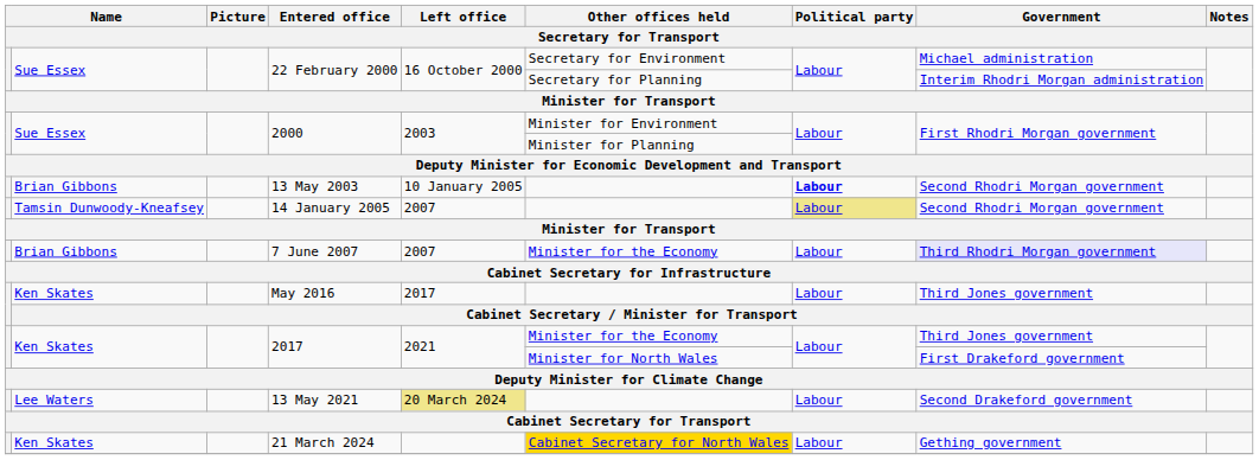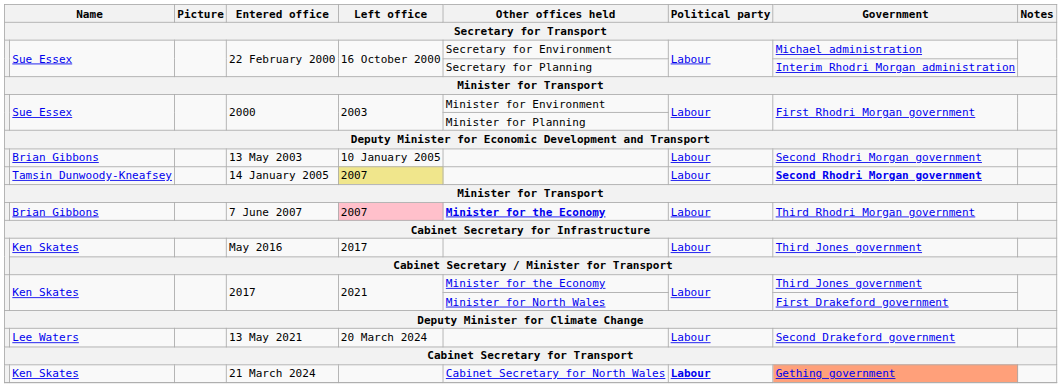 <table class="wikitable">
 <tr>
 <th colspan="2">Name</th>
 <th>Picture</th>
 <th>Entered office</th>
 <th>Left office</th>
 <th>Other offices held</th>
 <th>Political party</th>
 <th>Government</th>
 <th>Notes</th>
 </tr>
 <tr>
 <th colspan="9">Secretary for Transport</th>
 </tr>
 <tr>
 <th rowspan="2" style="background-color:"></th>
 <td rowspan="2"><a href='#'>Sue Essex</a></td>
 <td rowspan="2"></td>
 <td rowspan="2">22 February 2000</td>
 <td rowspan="2">16 October 2000</td>
 <td>Secretary for Environment</td>
 <td rowspan="2"><a href='#'>Labour</a></td>
 <td><a href='#'>Michael administration</a></td>
 <td rowspan="2"></td>
 </tr>
 <tr>
 <td>Secretary for Planning</td>
 <td><a href='#'>Interim Rhodri Morgan administration</a></td>
 </tr>
 <tr>
 <th colspan="9"><strong>Minister for Transport</strong></th>
 </tr>
 <tr>
 <th rowspan="2" style="background-color:"></th>
 <td rowspan="2"><a href='#'>Sue Essex</a></td>
 <td rowspan="2"></td>
 <td rowspan="2">2000</td>
 <td rowspan="2">2003</td>
 <td>Minister for Environment</td>
 <td rowspan="2"><a href='#'>Labour</a></td>
 <td rowspan="2"><a href='#'>First  Rhodri Morgan government</a></td>
 <td rowspan="2"></td>
 </tr>
 <tr>
 <td>Minister for Planning</td>
 </tr>
 <tr>
 <th colspan="9">Deputy Minister for Economic Development and Transport</th>
 </tr>
 <tr>
 <th style="background-color:"></th>
 <td><a href='#'>Brian Gibbons</a></td>
 <td></td>
 <td>13 May 2003</td>
 <td>10 January 2005</td>
 <td></td>
-<td><strong><a href='#'>Labour</a></strong></td>
+<td><a href='#'>Labour</a></td>
 <td><a href='#'>Second Rhodri Morgan government</a></td>
 <td></td>
 </tr>
 <tr>
 <th style="background-color:"></th>
 <td><a href='#'>Tamsin Dunwoody-Kneafsey</a></td>
 <td></td>
 <td>14 January 2005</td>
-<td>2007</td>
+<td style="background: khaki;">2007</td>
 <td></td>
-<td style="background: khaki;"><a href='#'>Labour</a></td>
-<td><a href='#'>Second Rhodri Morgan government</a></td>
+<td><a href='#'>Labour</a></td>
+<td><strong><a href='#'>Second Rhodri Morgan government</a></strong></td>
 <td></td>
 </tr>
 <tr>
 <th colspan="9">Minister for Transport</th>
 </tr>
 <tr>
 <th style="background-color:"></th>
 <td><a href='#'>Brian Gibbons</a></td>
 <td></td>
 <td>7 June 2007</td>
-<td>2007</td>
-<td><a href='#'>Minister for the Economy</a></td>
+<td style="background: pink;">2007</td>
+<td><strong><a href='#'>Minister for the Economy</a></strong></td>
 <td><a href='#'>Labour</a></td>
-<td style="background: lavender;"><a href='#'>Third Rhodri Morgan government</a></td>
+<td><a href='#'>Third Rhodri Morgan government</a></td>
 <td></td>
 </tr>
 <tr>
 <th colspan="9">Cabinet Secretary for Infrastructure</th>
 </tr>
 <tr>
 <th rowspan="2" style="background-color:"></th>
 <td><a href='#'>Ken Skates</a></td>
 <td></td>
 <td>May 2016</td>
 <td>2017</td>
 <td></td>
 <td><a href='#'>Labour</a></td>
 <td><a href='#'>Third Jones government</a></td>
 <td></td>
 </tr>
 <tr>
 <th colspan="9">Cabinet Secretary / Minister for Transport</th>
 </tr>
 <tr>
 <th rowspan="2" style="background-color:"></th>
 <td rowspan="2"><a href='#'>Ken Skates</a></td>
 <td rowspan="2"></td>
 <td rowspan="2">2017</td>
 <td rowspan="2">2021</td>
 <td><a href='#'>Minister for the Economy</a></td>
 <td rowspan="2"><a href='#'>Labour</a></td>
 <td><a href='#'>Third Jones government</a></td>
 <td rowspan="2"></td>
 </tr>
 <tr>
 <td><a href='#'>Minister for North Wales</a></td>
 <td><a href='#'>First Drakeford government</a></td>
 </tr>
 <tr>
 <th colspan="9"><strong>Deputy Minister for Climate Change</strong></th>
 </tr>
 <tr>
 <th style="background-color:"></th>
 <td><a href='#'>Lee Waters</a></td>
 <td></td>
 <td>13 May 2021</td>
-<td style="background: khaki;">20 March 2024</td>
+<td>20 March 2024</td>
 <td></td>
 <td><a href='#'>Labour</a></td>
 <td><a href='#'>Second Drakeford government</a></td>
 <td></td>
 </tr>
 <tr>
 <th colspan="9">Cabinet Secretary for Transport</th>
 </tr>
 <tr>
 <th style="background-color:"></th>
 <td><a href='#'>Ken Skates</a></td>
 <td></td>
 <td>21 March 2024</td>
 <td></td>
-<td style="background: gold;"><a href='#'>Cabinet Secretary for North Wales</a></td>
-<td><a href='#'>Labour</a></td>
-<td><a href='#'>Gething government</a></td>
+<td><a href='#'>Cabinet Secretary for North Wales</a></td>
+<td><strong><a href='#'>Labour</a></strong></td>
+<td style="background: lightsalmon;"><a href='#'>Gething government</a></td>
 <td></td>
 </tr>
 <tr>
 </tr>
 </table>
